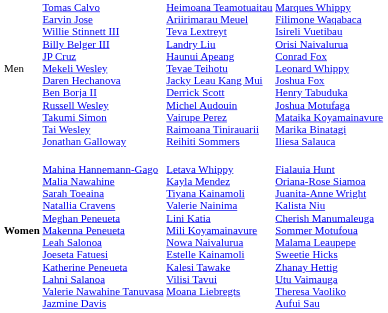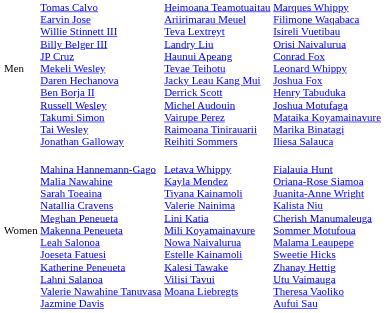 <table>
 <tr>
 <td>Men<br></td>
 <td><br><a href='#'>Tomas Calvo</a><br><a href='#'>Earvin Jose</a><br><a href='#'>Willie Stinnett III</a><br><a href='#'>Billy Belger III</a><br><a href='#'>JP Cruz</a><br><a href='#'>Mekeli Wesley</a><br><a href='#'>Daren Hechanova</a><br><a href='#'>Ben Borja II</a><br><a href='#'>Russell Wesley</a><br><a href='#'>Takumi Simon</a><br><a href='#'>Tai Wesley</a><br><a href='#'>Jonathan Galloway</a></td>
 <td><br><a href='#'>Heimoana Teamotuaitau</a><br><a href='#'>Ariirimarau Meuel</a><br><a href='#'>Teva Lextreyt</a><br><a href='#'>Landry Liu</a><br><a href='#'>Haunui Apeang</a><br><a href='#'>Tevae Teihotu</a><br><a href='#'>Jacky Leau Kang Mui</a><br><a href='#'>Derrick Scott</a><br><a href='#'>Michel Audouin</a><br><a href='#'>Vairupe Perez</a><br><a href='#'>Raimoana Tinirauarii</a><br><a href='#'>Reihiti Sommers</a></td>
 <td><br><a href='#'>Marques Whippy</a><br><a href='#'>Filimone Waqabaca</a><br><a href='#'>Isireli Vuetibau</a><br><a href='#'>Orisi Naivalurua</a><br><a href='#'>Conrad Fox</a><br><a href='#'>Leonard Whippy</a><br><a href='#'>Joshua Fox</a><br><a href='#'>Henry Tabuduka</a><br><a href='#'>Joshua Motufaga</a><br><a href='#'>Mataika Koyamainavure</a><br><a href='#'>Marika Binatagi</a><br><a href='#'>Iliesa Salauca</a></td>
 </tr>
 <tr>
-<td><strong>Women<br></strong></td>
+<td>Women<br></td>
 <td><br><a href='#'>Mahina Hannemann-Gago</a><br><a href='#'>Malia Nawahine</a><br><a href='#'>Sarah Toeaina</a><br><a href='#'>Natallia Cravens</a><br><a href='#'>Meghan Peneueta</a><br><a href='#'>Makenna Peneueta</a><br><a href='#'>Leah Salonoa</a><br><a href='#'>Joeseta Fatuesi</a><br><a href='#'>Katherine Peneueta</a><br><a href='#'>Lahni Salanoa</a><br><a href='#'>Valerie Nawahine Tanuvasa</a><br><a href='#'>Jazmine Davis</a></td>
 <td valign=top><br><a href='#'>Letava Whippy</a><br><a href='#'>Kayla Mendez</a><br><a href='#'>Tiyana Kainamoli</a><br><a href='#'>Valerie Nainima</a><br><a href='#'>Lini Katia</a><br><a href='#'>Mili Koyamainavure</a><br><a href='#'>Nowa Naivalurua</a><br><a href='#'>Estelle Kainamoli</a><br><a href='#'>Kalesi Tawake</a><br><a href='#'>Vilisi Tavui</a><br><a href='#'>Moana Liebregts</a></td>
 <td><br><a href='#'>Fialauia Hunt</a><br><a href='#'>Oriana-Rose Siamoa</a><br><a href='#'>Juanita-Anne Wright</a><br><a href='#'>Kalista Niu</a><br><a href='#'>Cherish Manumaleuga</a><br><a href='#'>Sommer Motufoua</a><br><a href='#'>Malama Leaupepe</a><br><a href='#'>Sweetie Hicks</a><br><a href='#'>Zhanay Hettig</a><br><a href='#'>Utu Vaimauga</a><br><a href='#'>Theresa Vaoliko</a><br><a href='#'>Aufui Sau</a></td>
 </tr>
 </table>
